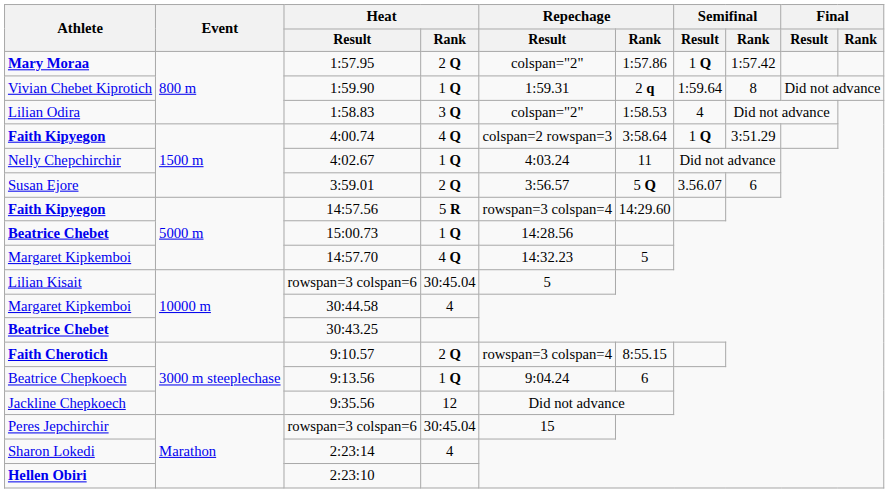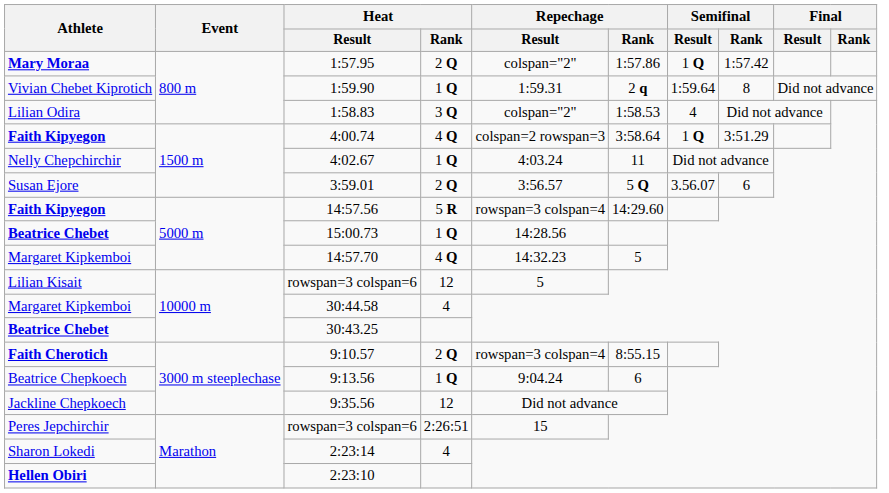 <table class="wikitable" style="font-size:90%">
 <tr>
 <th rowspan="2">Athlete</th>
 <th rowspan="2">Event</th>
 <th colspan="2">Heat</th>
 <th colspan="2">Repechage</th>
 <th colspan="2">Semifinal</th>
 <th colspan="2">Final</th>
 </tr>
 <tr style="font-size:95%">
 <th>Result</th>
 <th>Rank</th>
 <th>Result</th>
 <th>Rank</th>
 <th>Result</th>
 <th>Rank</th>
 <th>Result</th>
 <th>Rank</th>
 </tr>
 <tr align=center>
 <td align=left><strong><a href='#'>Mary Moraa</a></strong></td>
 <td align=left rowspan=3><a href='#'>800 m</a></td>
 <td>1:57.95</td>
 <td>2 <strong>Q</strong></td>
 <td>colspan="2" </td>
 <td>1:57.86</td>
 <td>1 <strong>Q</strong></td>
 <td>1:57.42</td>
 <td></td>
 </tr>
 <tr align=center>
 <td align=left><a href='#'>Vivian Chebet Kiprotich</a></td>
 <td>1:59.90</td>
 <td>1 <strong>Q</strong></td>
 <td>1:59.31</td>
 <td>2 <strong>q</strong></td>
 <td>1:59.64</td>
 <td>8</td>
 <td colspan="2">Did not advance</td>
 </tr>
 <tr align=center>
 <td align=left><a href='#'>Lilian Odira</a></td>
 <td>1:58.83 <strong></strong></td>
 <td>3 <strong>Q</strong></td>
 <td>colspan="2" </td>
 <td>1:58.53</td>
 <td>4</td>
 <td colspan="2">Did not advance</td>
 </tr>
 <tr align=center>
 <td align=left><strong><a href='#'>Faith Kipyegon</a></strong></td>
 <td align=left rowspan=3><a href='#'>1500 m</a></td>
 <td>4:00.74</td>
 <td>4 <strong>Q</strong></td>
 <td>colspan=2 rowspan=3 </td>
 <td>3:58.64</td>
 <td>1 <strong>Q</strong></td>
 <td>3:51.29 <strong></strong></td>
 <td></td>
 </tr>
 <tr align=center>
 <td align=left><a href='#'>Nelly Chepchirchir</a></td>
 <td>4:02.67</td>
 <td>1 <strong>Q</strong></td>
 <td>4:03.24</td>
 <td>11</td>
 <td colspan=2>Did not advance</td>
 </tr>
 <tr align=center>
 <td align=left><a href='#'>Susan Ejore</a></td>
 <td>3:59.01</td>
 <td>2 <strong>Q</strong></td>
 <td>3:56.57 <strong></strong></td>
 <td>5 <strong>Q</strong></td>
 <td>3.56.07 <strong></strong></td>
 <td>6</td>
 </tr>
 <tr align=center>
 <td align=left><strong><a href='#'>Faith  Kipyegon</a></strong></td>
 <td align=left rowspan=3><a href='#'>5000 m</a></td>
 <td>14:57.56</td>
 <td>5 <strong>R</strong></td>
 <td>rowspan=3 colspan=4 </td>
 <td>14:29.60</td>
 <td></td>
 </tr>
 <tr align=center>
 <td align=left><strong><a href='#'>Beatrice Chebet</a></strong></td>
 <td>15:00.73</td>
 <td>1 <strong>Q</strong></td>
 <td>14:28.56</td>
 <td></td>
 </tr>
 <tr align=center>
 <td align=left><a href='#'>Margaret Kipkemboi</a></td>
 <td>14:57.70</td>
 <td>4 <strong>Q</strong></td>
 <td>14:32.23</td>
 <td>5</td>
 </tr>
 <tr align=center>
 <td align=left><a href='#'>Lilian Kisait</a></td>
 <td align=left rowspan=3><a href='#'>10000 m</a></td>
 <td>rowspan=3 colspan=6 </td>
-<td>30:45.04</td>
+<td>12</td>
 <td>5</td>
 </tr>
 <tr align=center>
 <td align=left><a href='#'>Margaret Kipkemboi</a></td>
 <td>30:44.58</td>
 <td>4</td>
 </tr>
 <tr align=center>
 <td align=left><strong><a href='#'>Beatrice Chebet</a></strong></td>
 <td>30:43.25</td>
 <td></td>
 </tr>
 <tr align=center>
 <td align=left><strong><a href='#'>Faith Cherotich</a></strong></td>
 <td align=left rowspan=3><a href='#'>3000 m steeplechase</a></td>
 <td>9:10.57</td>
 <td>2 <strong>Q</strong></td>
 <td>rowspan=3 colspan=4 </td>
 <td>8:55.15 <strong></strong></td>
 <td></td>
 </tr>
 <tr align=center>
 <td align=left><a href='#'>Beatrice Chepkoech</a></td>
 <td>9:13.56</td>
 <td>1 <strong>Q</strong></td>
 <td>9:04.24</td>
 <td>6</td>
 </tr>
 <tr align=center>
 <td align=left><a href='#'>Jackline Chepkoech</a></td>
 <td>9:35.56</td>
 <td>12</td>
 <td colspan="2">Did not advance</td>
 </tr>
 <tr align=center>
 <td align=left><a href='#'>Peres Jepchirchir</a></td>
 <td align=left rowspan=3><a href='#'>Marathon</a></td>
 <td>rowspan=3 colspan=6 </td>
-<td>30:45.04</td>
+<td>2:26:51</td>
 <td>15</td>
 </tr>
 <tr align=center>
 <td align=left><a href='#'>Sharon Lokedi</a></td>
 <td>2:23:14 <strong></strong></td>
 <td>4</td>
 </tr>
 <tr align=center>
 <td align=left><strong><a href='#'>Hellen Obiri</a></strong></td>
 <td>2:23:10 <strong></strong></td>
 <td></td>
 </tr>
 </table>
